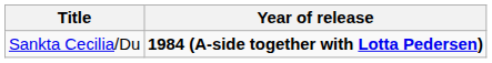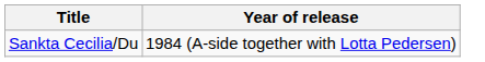 <table class=wikitable>
 <tr>
 <th>Title</th>
 <th>Year of release</th>
 </tr>
 <tr>
 <td><a href='#'>Sankta Cecilia</a>/Du</td>
-<td><strong>1984 (A-side together with <a href='#'>Lotta Pedersen</a>)</strong></td>
+<td>1984 (A-side together with <a href='#'>Lotta Pedersen</a>)</td>
 </tr>
 </table>
